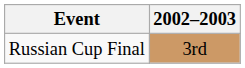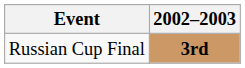 <table class="wikitable" style="text-align:center">
 <tr>
 <th>Event</th>
 <th>2002–2003</th>
 </tr>
 <tr>
 <td align=left>Russian Cup Final</td>
-<td bgcolor=cc9966>3rd</td>
+<td bgcolor=cc9966><strong>3rd</strong></td>
 </tr>
 </table>
